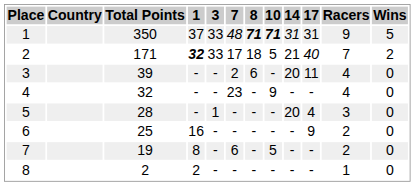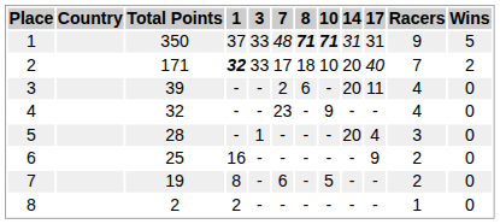 <table border="0" style="border: 1px solid #999; background-color:#FFFFFF; text-align:center">
 <tr align="center" bgcolor="#CCCCCC">
 <th>Place</th>
 <th>Country</th>
 <th>Total Points</th>
 <th>1</th>
 <th>3</th>
 <th>7</th>
 <th>8</th>
 <th>10</th>
 <th>14</th>
 <th>17</th>
 <th>Racers</th>
 <th>Wins</th>
 </tr>
 <tr bgcolor="#EFEFEF">
 <td>1</td>
 <td align="left"></td>
 <td>350</td>
 <td>37</td>
 <td>33</td>
 <td><em>48</em></td>
 <td><strong><em>71</em></strong></td>
 <td><strong><em>71</em></strong></td>
 <td><em>31</em></td>
 <td>31</td>
 <td>9</td>
 <td>5</td>
 </tr>
 <tr>
 <td>2</td>
 <td align="left"></td>
 <td>171</td>
 <td><strong><em>32</em></strong></td>
 <td>33</td>
 <td>17</td>
 <td>18</td>
-<td>5</td>
-<td>21</td>
+<td>10</td>
+<td>20</td>
 <td><em>40</em></td>
 <td>7</td>
 <td>2</td>
 </tr>
 <tr bgcolor="#EFEFEF">
 <td>3</td>
 <td align="left"></td>
 <td>39</td>
 <td>-</td>
 <td>-</td>
 <td>2</td>
 <td>6</td>
 <td>-</td>
 <td>20</td>
 <td>11</td>
 <td>4</td>
 <td>0</td>
 </tr>
 <tr>
 <td>4</td>
 <td align="left"></td>
 <td>32</td>
 <td>-</td>
 <td>-</td>
 <td>23</td>
 <td>-</td>
 <td>9</td>
 <td>-</td>
 <td>-</td>
 <td>4</td>
 <td>0</td>
 </tr>
 <tr bgcolor="#EFEFEF">
 <td>5</td>
 <td align="left"></td>
 <td>28</td>
 <td>-</td>
 <td>1</td>
 <td>-</td>
 <td>-</td>
 <td>-</td>
 <td>20</td>
 <td>4</td>
 <td>3</td>
 <td>0</td>
 </tr>
 <tr>
 <td>6</td>
 <td align="left"></td>
 <td>25</td>
 <td>16</td>
 <td>-</td>
 <td>-</td>
 <td>-</td>
 <td>-</td>
 <td>-</td>
 <td>9</td>
 <td>2</td>
 <td>0</td>
 </tr>
 <tr bgcolor="#EFEFEF">
 <td>7</td>
 <td align="left"></td>
 <td>19</td>
 <td>8</td>
 <td>-</td>
 <td>6</td>
 <td>-</td>
 <td>5</td>
 <td>-</td>
 <td>-</td>
 <td>2</td>
 <td>0</td>
 </tr>
 <tr>
 <td>8</td>
 <td align="left"></td>
 <td>2</td>
 <td>2</td>
 <td>-</td>
 <td>-</td>
 <td>-</td>
 <td>-</td>
 <td>-</td>
 <td>-</td>
 <td>1</td>
 <td>0</td>
 </tr>
 </table>
